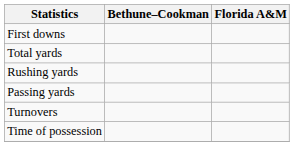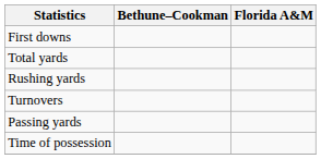 <table class="wikitable">
 <tr>
 <th>Statistics</th>
 <th>Bethune–Cookman</th>
 <th>Florida A&M</th>
 </tr>
 <tr>
 <td>First downs</td>
 <td> </td>
 <td> </td>
 </tr>
 <tr>
 <td>Total yards</td>
 <td> </td>
 <td> </td>
 </tr>
 <tr>
 <td>Rushing yards</td>
 <td> </td>
 <td> </td>
 </tr>
 <tr>
-<td>Passing yards</td>
+<td>Turnovers</td>
 <td> </td>
 <td> </td>
 </tr>
 <tr>
-<td>Turnovers</td>
+<td>Passing yards</td>
 <td> </td>
 <td> </td>
 </tr>
 <tr>
 <td>Time of possession</td>
 <td> </td>
 <td> </td>
 </tr>
 <tr>
 </tr>
 </table>
